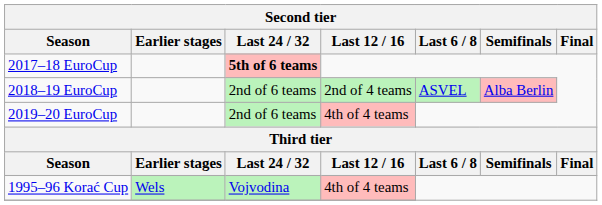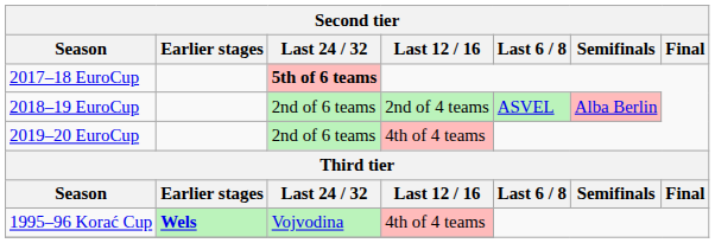 <table class="wikitable" style="font-size:90%">
 <tr>
 <th colspan=7>Second tier</th>
 </tr>
 <tr>
 <th>Season</th>
 <th>Earlier stages</th>
 <th>Last 24 / 32</th>
 <th>Last 12 / 16</th>
 <th>Last 6 / 8</th>
 <th>Semifinals</th>
 <th>Final</th>
 </tr>
 <tr>
 <td><a href='#'>2017–18 EuroCup</a></td>
 <td></td>
 <td bgcolor=#FFBBBB><strong>5th of 6 teams</strong></td>
 </tr>
 <tr>
 <td><a href='#'>2018–19 EuroCup</a></td>
 <td></td>
 <td bgcolor=#BBF3BB>2nd of 6 teams</td>
 <td bgcolor=#BBF3BB>2nd of 4 teams</td>
 <td bgcolor=#BBF3BB> <a href='#'>ASVEL</a></td>
 <td bgcolor=#FFBBBB> <a href='#'>Alba Berlin</a></td>
 </tr>
 <tr>
 <td><a href='#'>2019–20 EuroCup</a></td>
 <td></td>
 <td bgcolor=#BBF3BB>2nd of 6 teams</td>
 <td bgcolor=FFBBBB>4th of 4 teams</td>
 </tr>
 <tr>
 <th colspan=7>Third tier</th>
 </tr>
 <tr>
 <th>Season</th>
 <th>Earlier stages</th>
 <th>Last 24 / 32</th>
 <th>Last 12 / 16</th>
 <th>Last 6 / 8</th>
 <th>Semifinals</th>
 <th>Final</th>
 </tr>
 <tr>
 <td><a href='#'>1995–96 Korać Cup</a></td>
-<td bgcolor=#BBF3BB> <a href='#'>Wels</a></td>
+<td bgcolor=#BBF3BB><strong> <a href='#'>Wels</a></strong></td>
 <td bgcolor=#BBF3BB> <a href='#'>Vojvodina</a></td>
 <td bgcolor=#FFBBBB>4th of 4 teams</td>
 </tr>
 <tr>
 </tr>
 </table>
